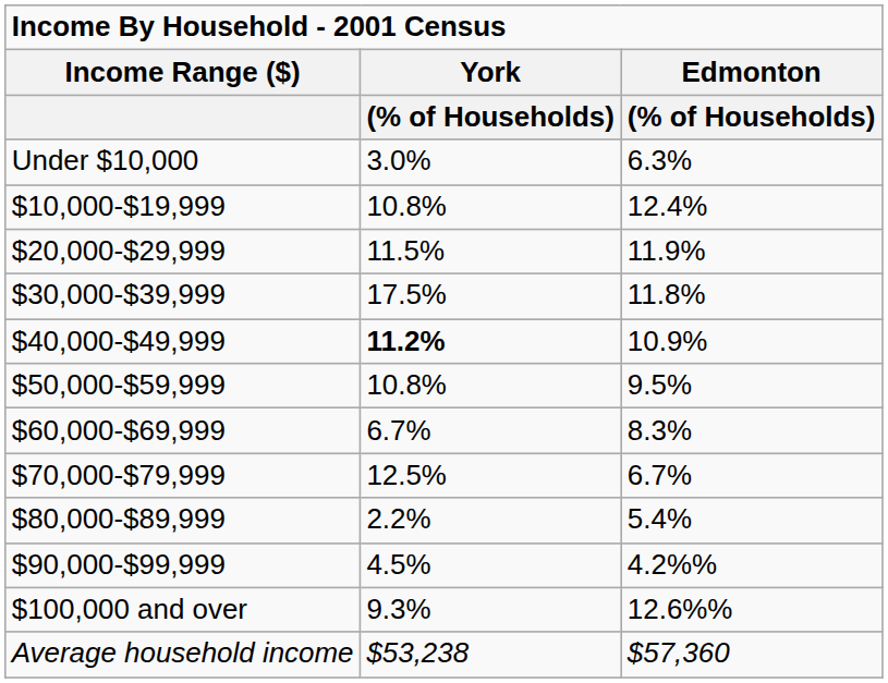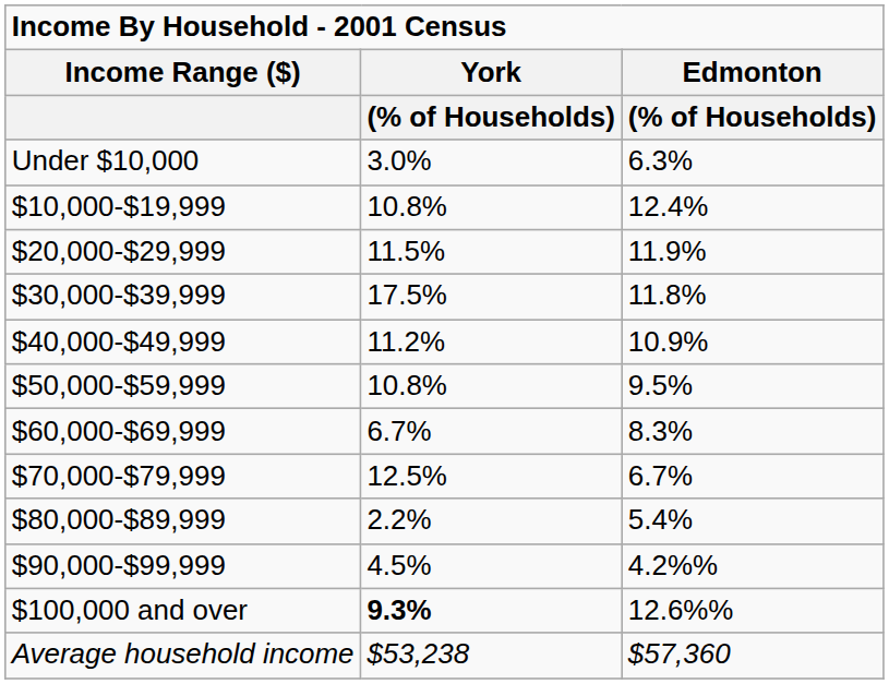 <table class="wikitable">
 <tr>
 <td colspan="3"><strong>Income By Household - 2001 Census</strong></td>
 </tr>
 <tr>
 <th>Income Range ($)</th>
 <th>York</th>
 <th>Edmonton</th>
 </tr>
 <tr>
 <th></th>
 <th>(% of Households)</th>
 <th>(% of Households)</th>
 </tr>
 <tr>
 <td>Under $10,000</td>
 <td>3.0%</td>
 <td>6.3%</td>
 </tr>
 <tr>
 <td>$10,000-$19,999</td>
 <td>10.8%</td>
 <td>12.4%</td>
 </tr>
 <tr>
 <td>$20,000-$29,999</td>
 <td>11.5%</td>
 <td>11.9%</td>
 </tr>
 <tr>
 <td>$30,000-$39,999</td>
 <td>17.5%</td>
 <td>11.8%</td>
 </tr>
 <tr>
 <td>$40,000-$49,999</td>
-<td><strong>11.2%</strong></td>
+<td>11.2%</td>
 <td>10.9%</td>
 </tr>
 <tr>
 <td>$50,000-$59,999</td>
 <td>10.8%</td>
 <td>9.5%</td>
 </tr>
 <tr>
 <td>$60,000-$69,999</td>
 <td>6.7%</td>
 <td>8.3%</td>
 </tr>
 <tr>
 <td>$70,000-$79,999</td>
 <td>12.5%</td>
 <td>6.7%</td>
 </tr>
 <tr>
 <td>$80,000-$89,999</td>
 <td>2.2%</td>
 <td>5.4%</td>
 </tr>
 <tr>
 <td>$90,000-$99,999</td>
 <td>4.5%</td>
 <td>4.2%%</td>
 </tr>
 <tr>
 <td>$100,000 and over</td>
-<td>9.3%</td>
+<td><strong>9.3%</strong></td>
 <td>12.6%%</td>
 </tr>
 <tr>
 <td><em>Average household income</em></td>
 <td><em>$53,238</em></td>
 <td><em>$57,360</em></td>
 </tr>
 </table>
